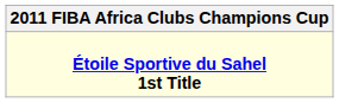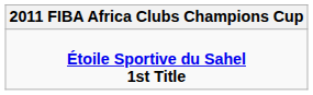 <table class=wikitable style="text-align:center; margin:auto">
 <tr>
 <th>2011 FIBA Africa Clubs Champions Cup</th>
 </tr>
 <tr>
-<td style="background: lightyellow;"><br><strong><a href='#'>Étoile Sportive du Sahel</a></strong><br><strong>1st Title</strong></td>
+<td><br><strong><a href='#'>Étoile Sportive du Sahel</a></strong><br><strong>1st Title</strong></td>
 </tr>
 </table>
